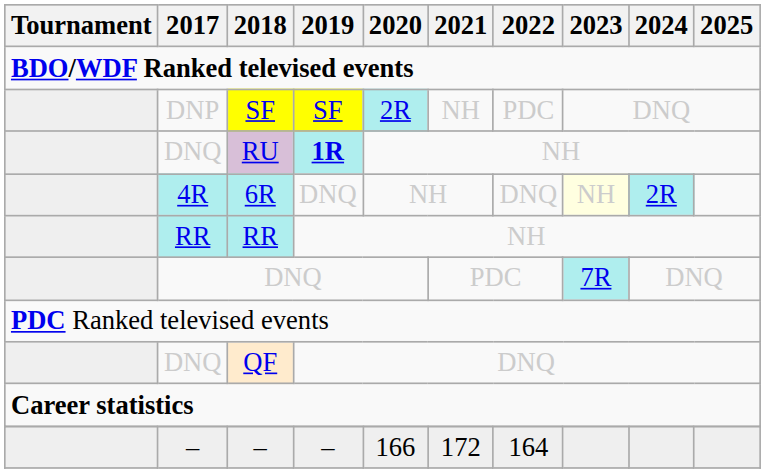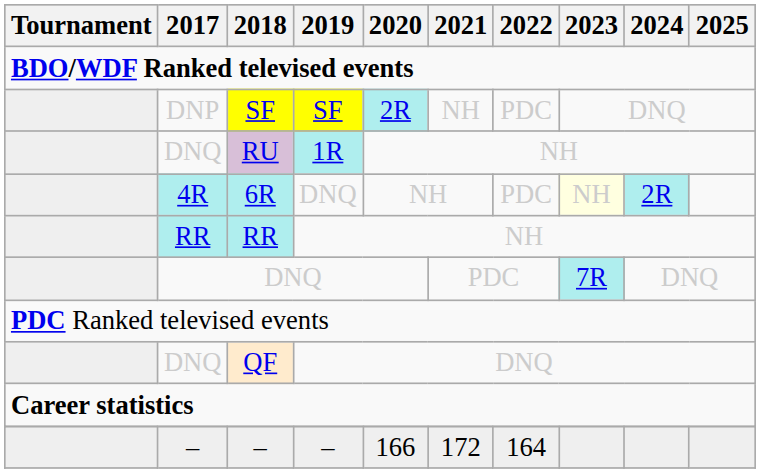 <table class="wikitable" style="width:20%; margin:0">
 <tr>
 <th>Tournament</th>
 <th>2017</th>
 <th>2018</th>
 <th>2019</th>
 <th>2020</th>
 <th>2021</th>
 <th>2022</th>
 <th>2023</th>
 <th>2024</th>
 <th>2025</th>
 </tr>
 <tr>
 <td colspan="10" style="text-align:left"><strong><a href='#'>BDO</a>/<a href='#'>WDF</a> Ranked televised events</strong></td>
 </tr>
 <tr>
 <td style="background:#efefef;"></td>
 <td style="text-align:center; color:#ccc;">DNP</td>
 <td style="text-align:center; background:yellow;"><a href='#'>SF</a></td>
 <td style="text-align:center; background:yellow;"><a href='#'>SF</a></td>
 <td style="text-align:center; background:#afeeee;"><a href='#'>2R</a></td>
 <td style="text-align:center; color:#ccc;">NH</td>
 <td style="text-align:center; color:#ccc;">PDC</td>
 <td colspan="3" style="text-align:center; color:#ccc;">DNQ</td>
 </tr>
 <tr>
 <td style="background:#efefef;"></td>
 <td style="text-align:center; color:#ccc;">DNQ</td>
 <td style="text-align:center; background:thistle;"><a href='#'>RU</a></td>
-<td style="text-align:center; background:#afeeee;"><strong><a href='#'>1R</a></strong></td>
+<td style="text-align:center; background:#afeeee;"><a href='#'>1R</a></td>
 <td colspan="6" style="text-align:center; color:#ccc;">NH</td>
 </tr>
 <tr>
 <td style="background:#efefef;"></td>
 <td style="text-align:center; background:#afeeee;"><a href='#'>4R</a></td>
 <td style="text-align:center; background:#afeeee;"><a href='#'>6R</a></td>
 <td style="text-align:center; color:#ccc;">DNQ</td>
 <td colspan="2" style="text-align:center; color:#ccc;">NH</td>
-<td style="text-align:center; color:#ccc;">DNQ</td>
+<td style="text-align:center; color:#ccc;">PDC</td>
 <td style="background: lightyellow; text-align:center; color:#ccc;">NH</td>
 <td style="text-align:center; background:#afeeee;"><a href='#'>2R</a></td>
 <td></td>
 </tr>
 <tr>
 <td style="background:#efefef;"></td>
 <td style="text-align:center; background:#afeeee;"><a href='#'>RR</a></td>
 <td style="text-align:center; background:#afeeee;"><a href='#'>RR</a></td>
 <td colspan="7" style="text-align:center; color:#ccc;">NH</td>
 </tr>
 <tr>
 <td style="background:#efefef;"></td>
 <td colspan="4" style="text-align:center; color:#ccc;">DNQ</td>
 <td colspan="2" style="text-align:center; color:#ccc;">PDC</td>
 <td style="text-align:center; background:#afeeee;"><a href='#'>7R</a></td>
 <td colspan="6" style="text-align:center; color:#ccc;">DNQ</td>
 </tr>
 <tr>
 <td colspan="10" style="text-align:left"><strong><a href='#'>PDC</a> </strong>Ranked televised events</td>
 </tr>
 <tr>
 <td style="background:#efefef;"></td>
 <td style="text-align:center; color:#ccc;">DNQ</td>
 <td style="text-align:center; background:#ffebcd;"><a href='#'>QF</a></td>
 <td colspan="7" style="text-align:center; color:#ccc;">DNQ</td>
 </tr>
 <tr>
 <td colspan="10" style="text-align:left"><strong>Career statistics</strong></td>
 </tr>
 <tr>
 </tr>
 <tr style="background:#efefef">
 <td style="text-align:left"></td>
 <td style="text-align:center;">–</td>
 <td style="text-align:center;">–</td>
 <td style="text-align:center;">–</td>
 <td style="text-align:center;">166</td>
 <td style="text-align:center;">172</td>
 <td style="text-align:center;">164</td>
 <td style="text-align:center;"></td>
 <td style="text-align:center;"></td>
 <td style="text-align:center;"></td>
 </tr>
 </table>
